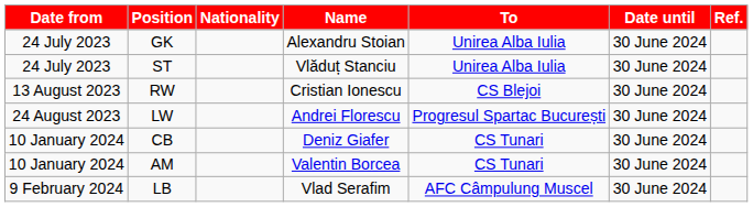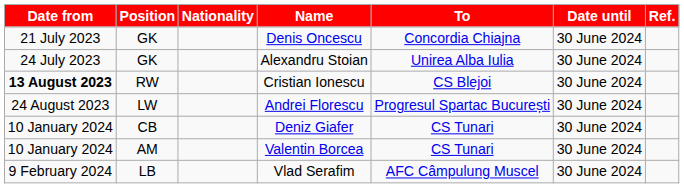 <table class="wikitable"  style="text-align:center; font-size:90%; ">
 <tr>
 <th style="background:red;color:white;">Date from</th>
 <th style="background:red;color:white;">Position</th>
 <th style="background:red;color:white;">Nationality</th>
 <th style="background:red;color:white;">Name</th>
 <th style="background:red;color:white;">To</th>
 <th style="background:red;color:white;">Date until</th>
 <th style="background:red;color:white;">Ref.</th>
 </tr>
 <tr>
+<td>21 July 2023</td>
+<td>GK</td>
+<td></td>
+<td><a href='#'>Denis Oncescu</a></td>
+<td><a href='#'>Concordia Chiajna</a></td>
+<td>30 June 2024</td>
+<td></td>
+</tr>
+<tr>
 <td>24 July 2023</td>
 <td>GK</td>
 <td></td>
 <td>Alexandru Stoian</td>
 <td><a href='#'>Unirea Alba Iulia</a></td>
 <td>30 June 2024</td>
 <td></td>
 </tr>
 <tr>
-<td>24 July 2023</td>
-<td>ST</td>
-<td></td>
-<td>Vlăduț Stanciu</td>
-<td><a href='#'>Unirea Alba Iulia</a></td>
-<td>30 June 2024</td>
-<td></td>
-</tr>
-<tr>
-<td>13 August 2023</td>
+<td><strong>13 August 2023</strong></td>
 <td>RW</td>
 <td></td>
 <td>Cristian Ionescu</td>
 <td><a href='#'>CS Blejoi</a></td>
 <td>30 June 2024</td>
 <td></td>
 </tr>
 <tr>
 <td>24 August 2023</td>
 <td>LW</td>
 <td></td>
 <td><a href='#'>Andrei Florescu</a></td>
 <td><a href='#'>Progresul Spartac București</a></td>
 <td>30 June 2024</td>
 <td></td>
 </tr>
 <tr>
 <td>10 January 2024</td>
 <td>CB</td>
 <td></td>
 <td><a href='#'>Deniz Giafer</a></td>
 <td><a href='#'>CS Tunari</a></td>
 <td>30 June 2024</td>
 <td></td>
 </tr>
 <tr>
 <td>10 January 2024</td>
 <td>AM</td>
 <td></td>
 <td><a href='#'>Valentin Borcea</a></td>
 <td><a href='#'>CS Tunari</a></td>
 <td>30 June 2024</td>
 <td></td>
 </tr>
 <tr>
 <td>9 February 2024</td>
 <td>LB</td>
 <td></td>
 <td>Vlad Serafim</td>
 <td><a href='#'>AFC Câmpulung Muscel</a></td>
 <td>30 June 2024</td>
 <td></td>
 </tr>
 </table>
